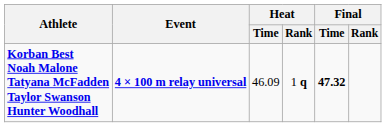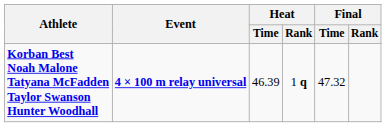 <table class=wikitable style=font-size:90%>
 <tr>
 <th rowspan=2>Athlete</th>
 <th rowspan=2>Event</th>
 <th colspan=2>Heat</th>
 <th colspan=2>Final</th>
 </tr>
 <tr style=font-size:95%>
 <th>Time</th>
 <th>Rank</th>
 <th>Time</th>
 <th>Rank</th>
 </tr>
 <tr align=center>
 <td align=left><strong><a href='#'>Korban Best</a></strong><br><strong><a href='#'>Noah Malone</a><br><a href='#'>Tatyana McFadden</a><br><a href='#'>Taylor Swanson</a><br><a href='#'>Hunter Woodhall</a></strong></td>
 <td align=left><strong><a href='#'>4 × 100 m relay universal</a></strong></td>
-<td>46.09</td>
+<td>46.39</td>
 <td>1 <strong>q</strong></td>
-<td><strong>47.32</strong></td>
+<td>47.32</td>
 <td></td>
 </tr>
 </table>
